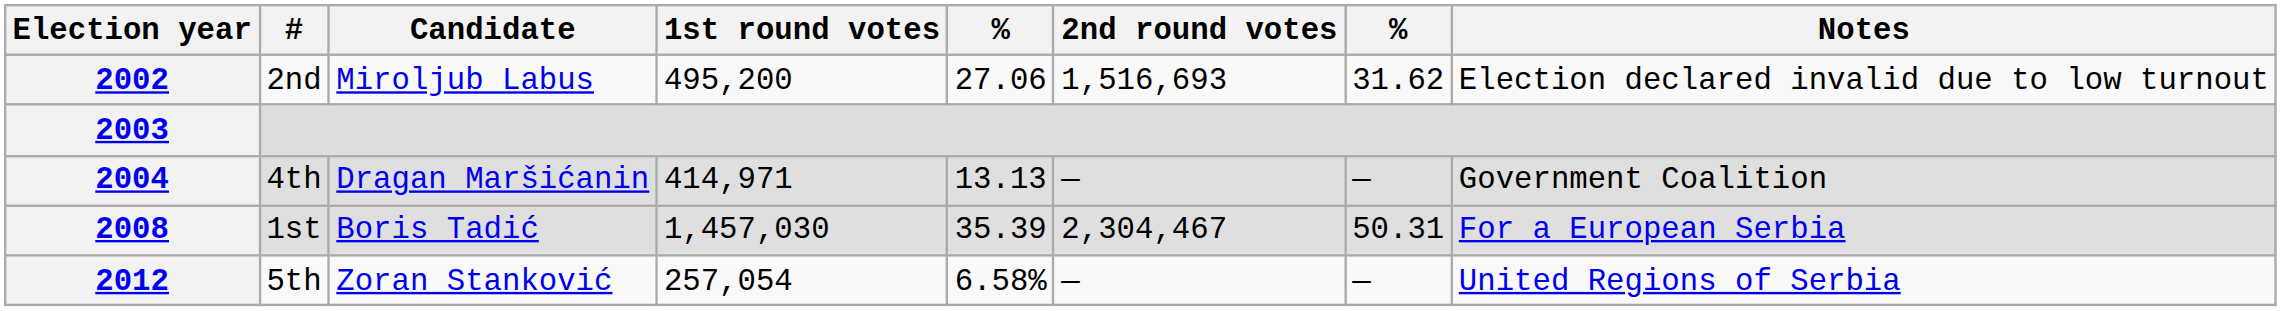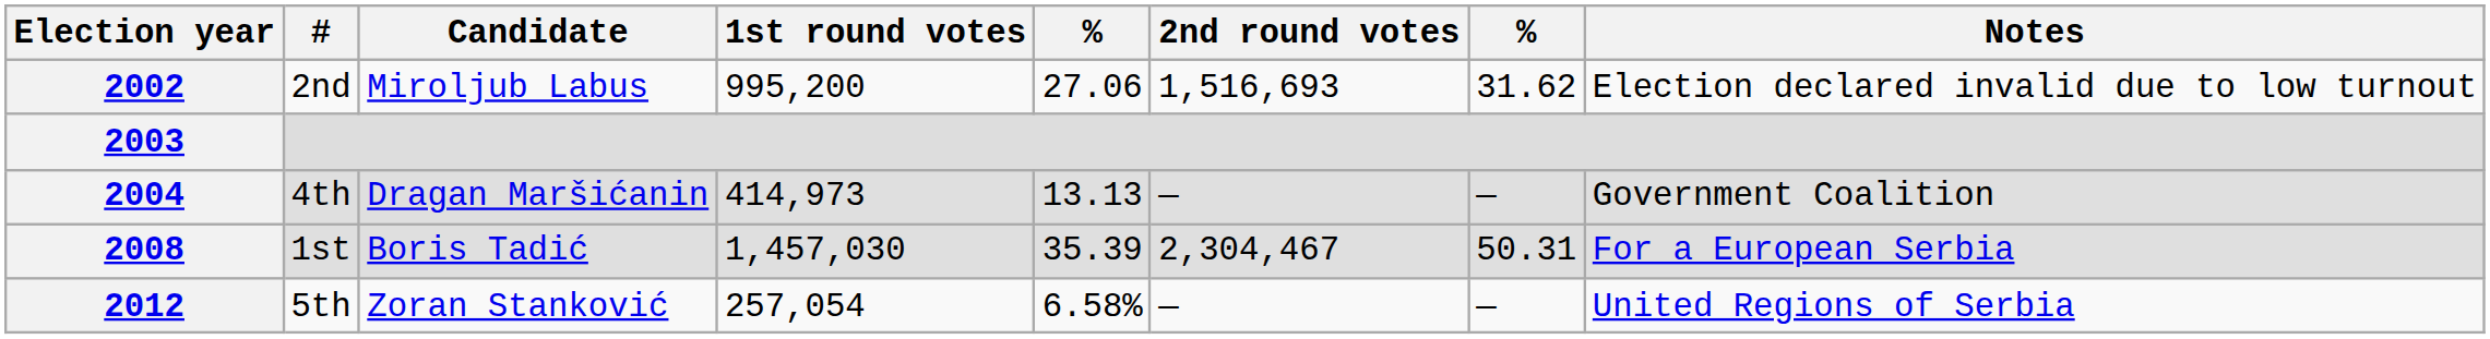 <table class="wikitable">
 <tr>
 <th>Election year</th>
 <th>#</th>
 <th>Candidate</th>
 <th>1st round votes</th>
 <th>%</th>
 <th>2nd round votes</th>
 <th>%</th>
 <th>Notes</th>
 </tr>
 <tr>
 <th><a href='#'>2002</a></th>
 <td>2nd</td>
 <td><a href='#'>Miroljub Labus</a></td>
-<td>495,200</td>
+<td>995,200</td>
 <td>27.06</td>
 <td>1,516,693</td>
 <td>31.62</td>
 <td>Election declared invalid due to low turnout</td>
 </tr>
 <tr>
 <th><a href='#'>2003</a></th>
 <td colspan=7 style="background:#ddd;"></td>
 </tr>
 <tr style="background:#dfdfdf;">
 <th><a href='#'>2004</a></th>
 <td> 4th</td>
 <td><a href='#'>Dragan Maršićanin</a></td>
-<td>414,971</td>
+<td>414,973</td>
 <td>13.13</td>
 <td>—</td>
 <td>—</td>
 <td>Government Coalition</td>
 </tr>
 <tr style="background:#dfdfdf;">
 <th><a href='#'>2008</a></th>
 <td> 1st</td>
 <td><a href='#'>Boris Tadić</a></td>
 <td>1,457,030</td>
 <td>35.39</td>
 <td>2,304,467</td>
 <td>50.31</td>
 <td><a href='#'>For a European Serbia</a></td>
 </tr>
 <tr>
 <th><a href='#'>2012</a></th>
 <td> 5th</td>
 <td><a href='#'>Zoran Stanković</a></td>
 <td>257,054</td>
 <td>6.58%</td>
 <td>—</td>
 <td>—</td>
 <td><a href='#'>United Regions of Serbia</a></td>
 </tr>
 </table>
